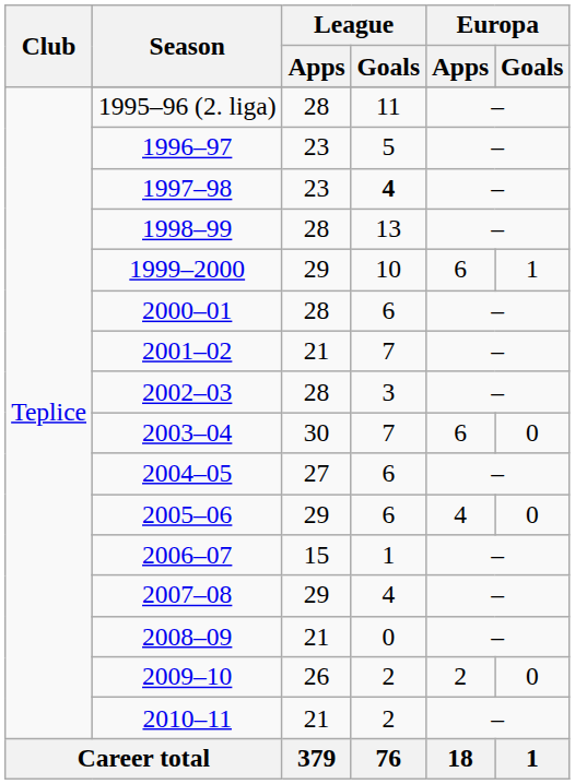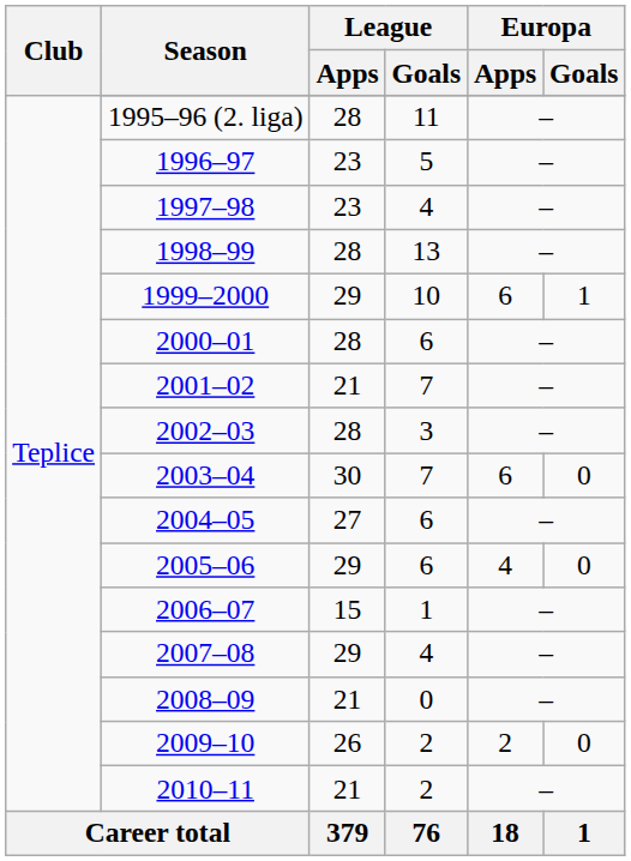 <table class="wikitable" style="text-align: center">
 <tr>
 <th rowspan="2">Club</th>
 <th rowspan="2">Season</th>
 <th colspan="2">League</th>
 <th colspan="2">Europa</th>
 </tr>
 <tr>
 <th>Apps</th>
 <th>Goals</th>
 <th>Apps</th>
 <th>Goals</th>
 </tr>
 <tr>
 <td rowspan="17"><a href='#'>Teplice</a></td>
 </tr>
 <tr>
 <td>1995–96 (2. liga)</td>
 <td>28</td>
 <td>11</td>
 <td colspan="2">–</td>
 </tr>
 <tr>
 <td><a href='#'>1996–97</a></td>
 <td>23</td>
 <td>5</td>
 <td colspan="2">–</td>
 </tr>
 <tr>
 <td><a href='#'>1997–98</a></td>
 <td>23</td>
-<td><strong>4</strong></td>
+<td>4</td>
 <td colspan="2">–</td>
 </tr>
 <tr>
 <td><a href='#'>1998–99</a></td>
 <td>28</td>
 <td>13</td>
 <td colspan="2">–</td>
 </tr>
 <tr>
 <td><a href='#'>1999–2000</a></td>
 <td>29</td>
 <td>10</td>
 <td>6</td>
 <td>1</td>
 </tr>
 <tr>
 <td><a href='#'>2000–01</a></td>
 <td>28</td>
 <td>6</td>
 <td colspan="2">–</td>
 </tr>
 <tr>
 <td><a href='#'>2001–02</a></td>
 <td>21</td>
 <td>7</td>
 <td colspan="2">–</td>
 </tr>
 <tr>
 <td><a href='#'>2002–03</a></td>
 <td>28</td>
 <td>3</td>
 <td colspan="2">–</td>
 </tr>
 <tr>
 <td><a href='#'>2003–04</a></td>
 <td>30</td>
 <td>7</td>
 <td>6</td>
 <td>0</td>
 </tr>
 <tr>
 <td><a href='#'>2004–05</a></td>
 <td>27</td>
 <td>6</td>
 <td colspan="2">–</td>
 </tr>
 <tr>
 <td><a href='#'>2005–06</a></td>
 <td>29</td>
 <td>6</td>
 <td>4</td>
 <td>0</td>
 </tr>
 <tr>
 <td><a href='#'>2006–07</a></td>
 <td>15</td>
 <td>1</td>
 <td colspan="2">–</td>
 </tr>
 <tr>
 <td><a href='#'>2007–08</a></td>
 <td>29</td>
 <td>4</td>
 <td colspan="2">–</td>
 </tr>
 <tr>
 <td><a href='#'>2008–09</a></td>
 <td>21</td>
 <td>0</td>
 <td colspan="2">–</td>
 </tr>
 <tr>
 <td><a href='#'>2009–10</a></td>
 <td>26</td>
 <td>2</td>
 <td>2</td>
 <td>0</td>
 </tr>
 <tr>
 <td><a href='#'>2010–11</a></td>
 <td>21</td>
 <td>2</td>
 <td colspan="2">–</td>
 </tr>
 <tr>
 <th colspan="2">Career total</th>
 <th>379</th>
 <th>76</th>
 <th>18</th>
 <th>1</th>
 </tr>
 </table>
